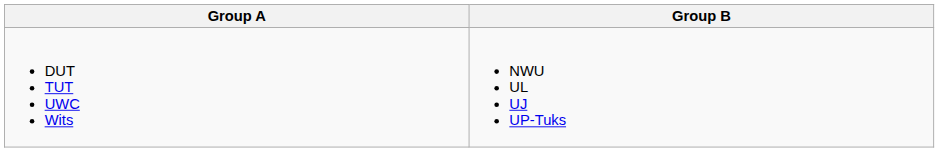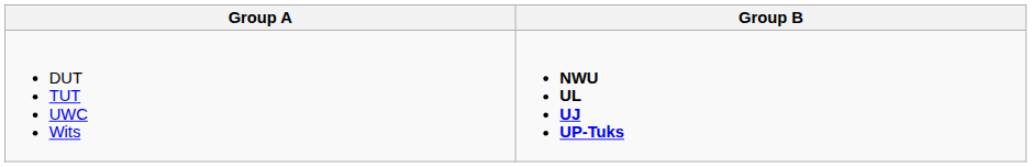 <table class="wikitable" style="width:80%;">
 <tr>
 <th width=25%>Group A</th>
 <th width=25%>Group B</th>
 </tr>
 <tr>
 <td><br><ul><li>DUT</li><li><a href='#'>TUT</a></li><li><a href='#'>UWC</a></li><li><a href='#'>Wits</a></li></ul></td>
-<td><br><ul><li>NWU</li><li>UL</li><li><a href='#'>UJ</a></li><li><a href='#'>UP-Tuks</a></li></ul></td>
+<td><strong><br><ul><li>NWU</li><li>UL</li><li><a href='#'>UJ</a></li><li><a href='#'>UP-Tuks</a></li></ul></strong></td>
 </tr>
 </table>
